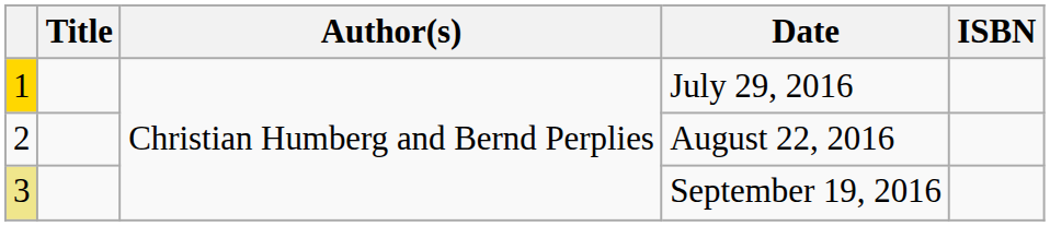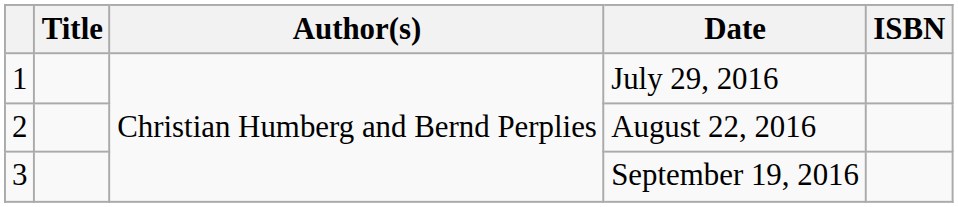 <table class="wikitable">
 <tr>
 <th></th>
 <th>Title</th>
 <th>Author(s)</th>
 <th>Date</th>
 <th>ISBN</th>
 </tr>
 <tr>
-<td style="background: gold;">1</td>
+<td>1</td>
 <td></td>
 <td rowspan="3">Christian Humberg and Bernd Perplies</td>
 <td>July 29, 2016</td>
 <td></td>
 </tr>
 <tr>
 <td>2</td>
 <td></td>
 <td>August 22, 2016</td>
 <td></td>
 </tr>
 <tr>
-<td style="background: khaki;">3</td>
+<td>3</td>
 <td></td>
 <td>September 19, 2016</td>
 <td></td>
 </tr>
 </table>
